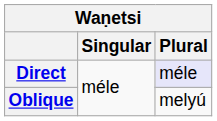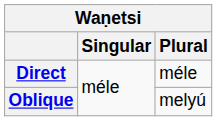 <table class="wikitable">
 <tr>
 <th colspan="3">Waṇetsi</th>
 </tr>
 <tr>
 <th></th>
 <th>Singular</th>
 <th>Plural</th>
 </tr>
 <tr>
 <th><strong><a href='#'>Direct</a></strong></th>
 <td rowspan="2">méle</td>
-<td style="background: lavender;">méle</td>
+<td>méle</td>
 </tr>
 <tr>
 <th><strong><a href='#'>Oblique</a></strong></th>
 <td>melyú</td>
 </tr>
 </table>
